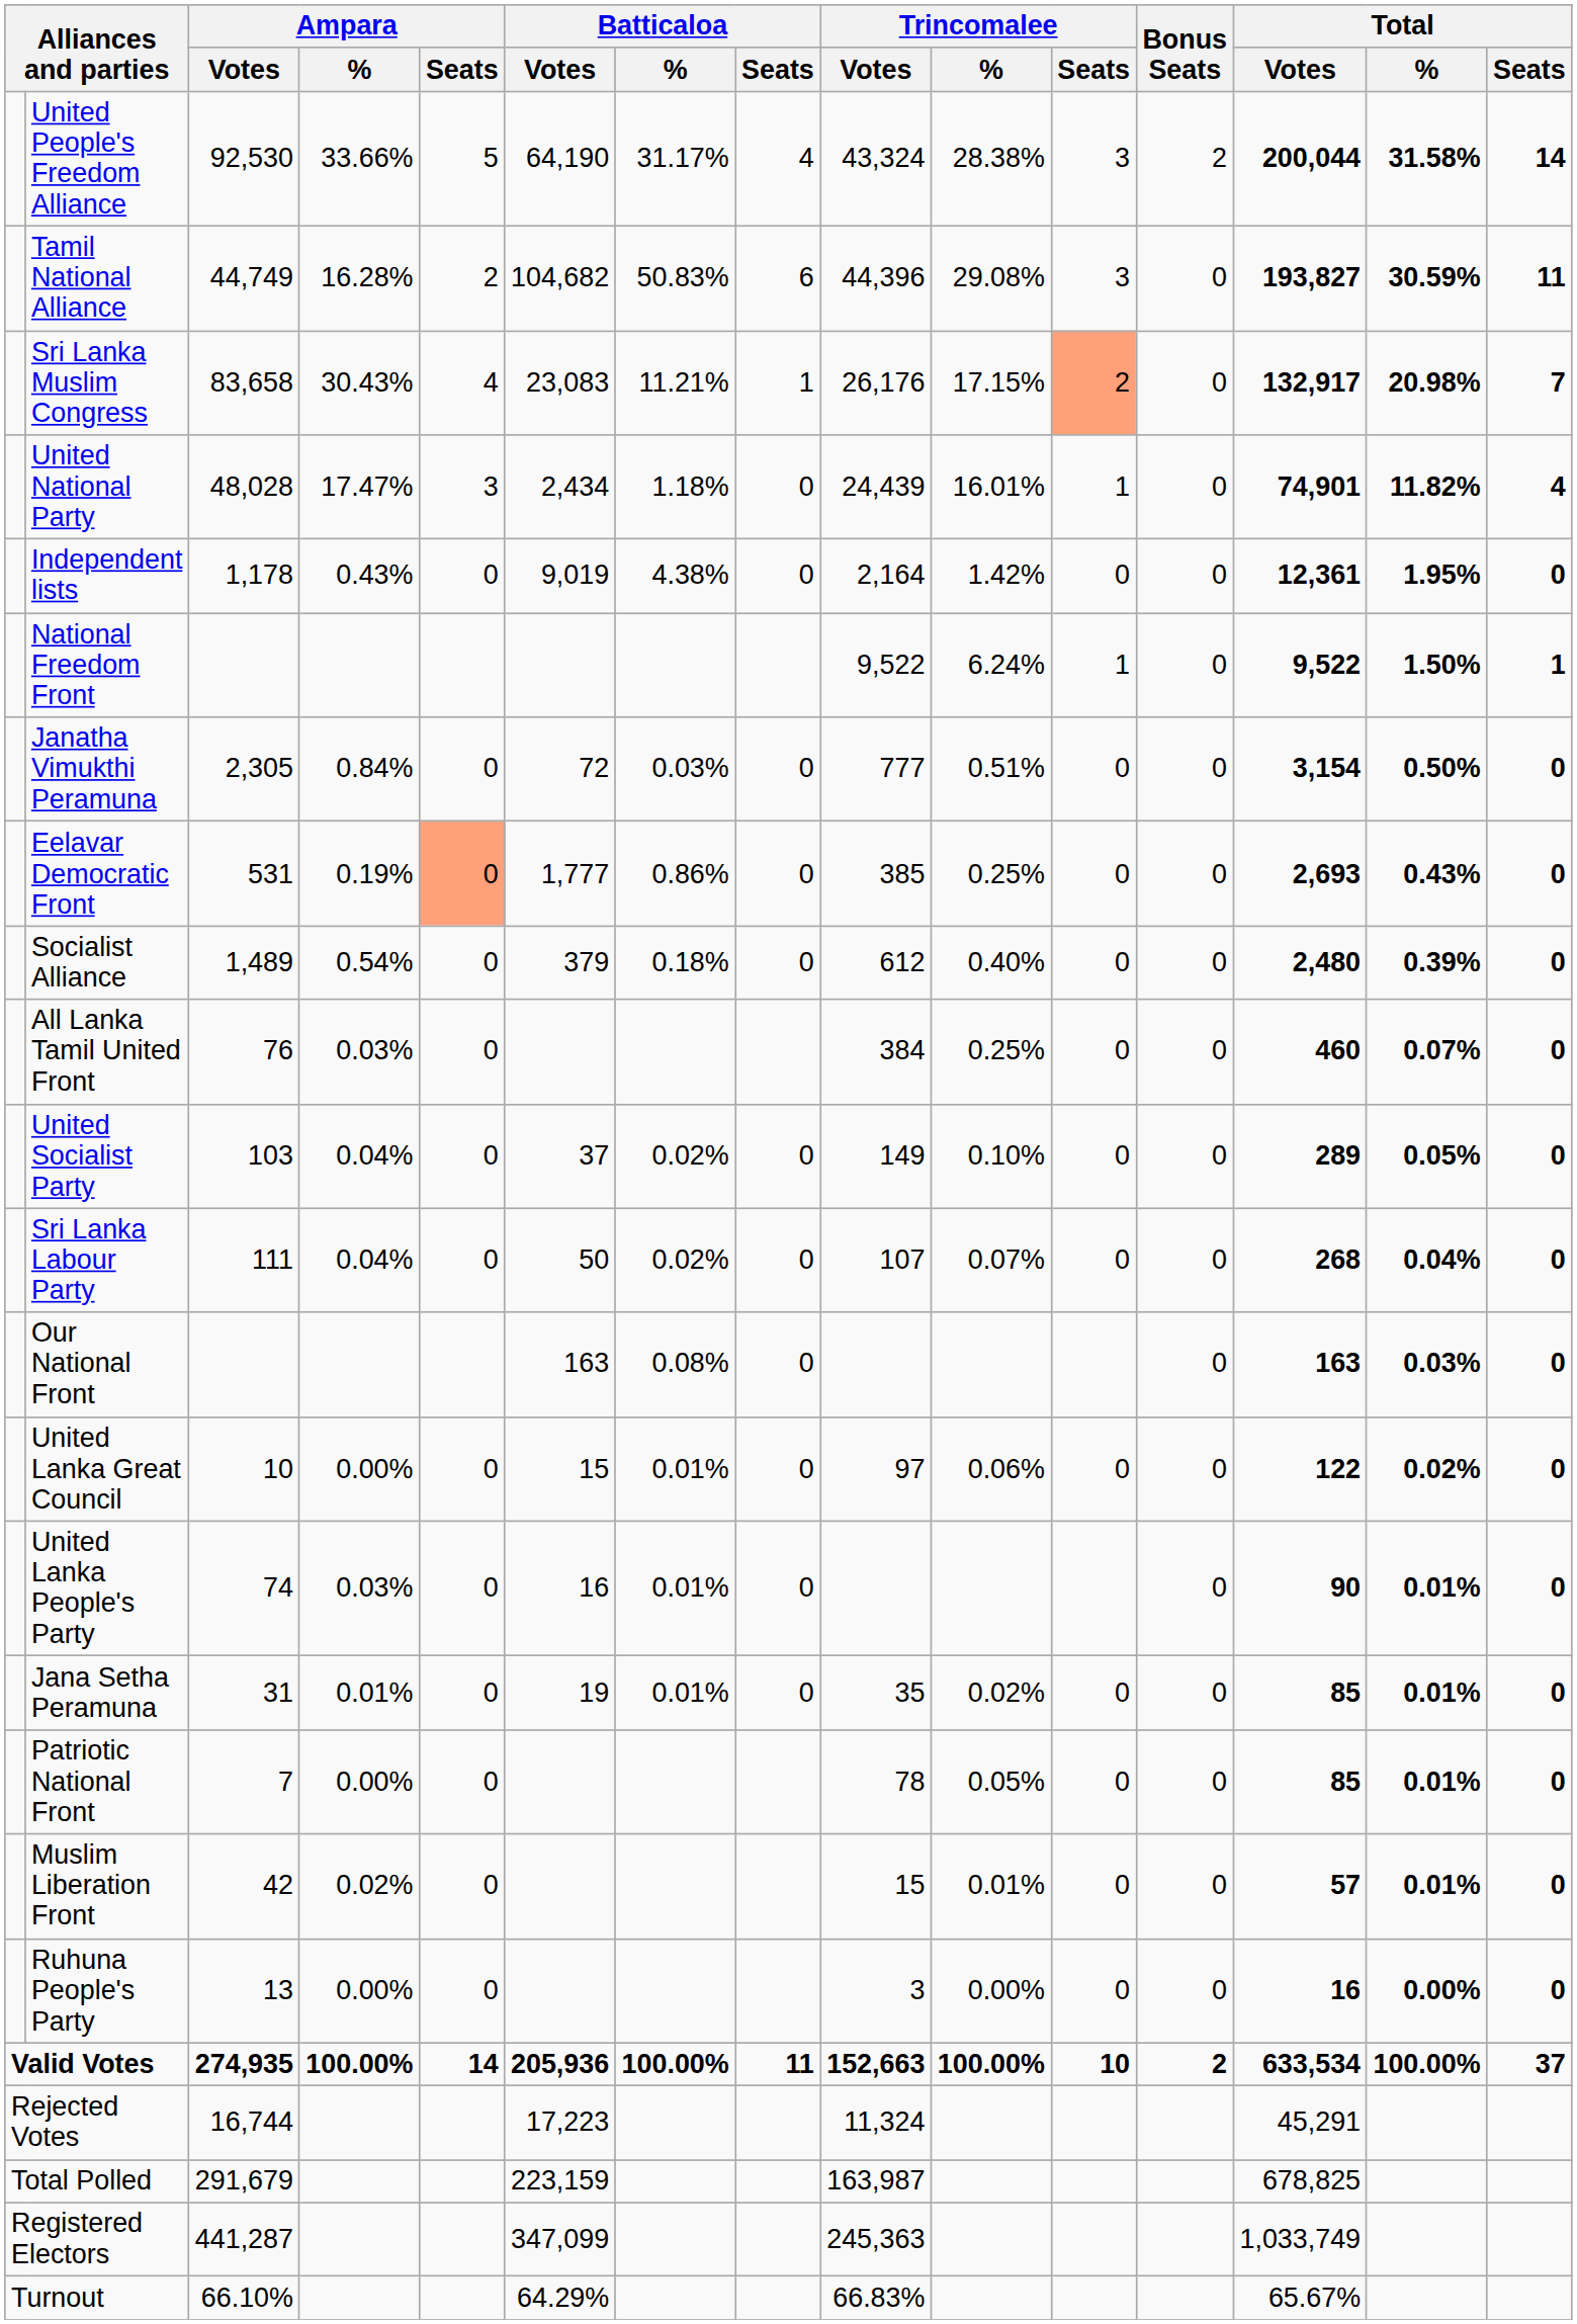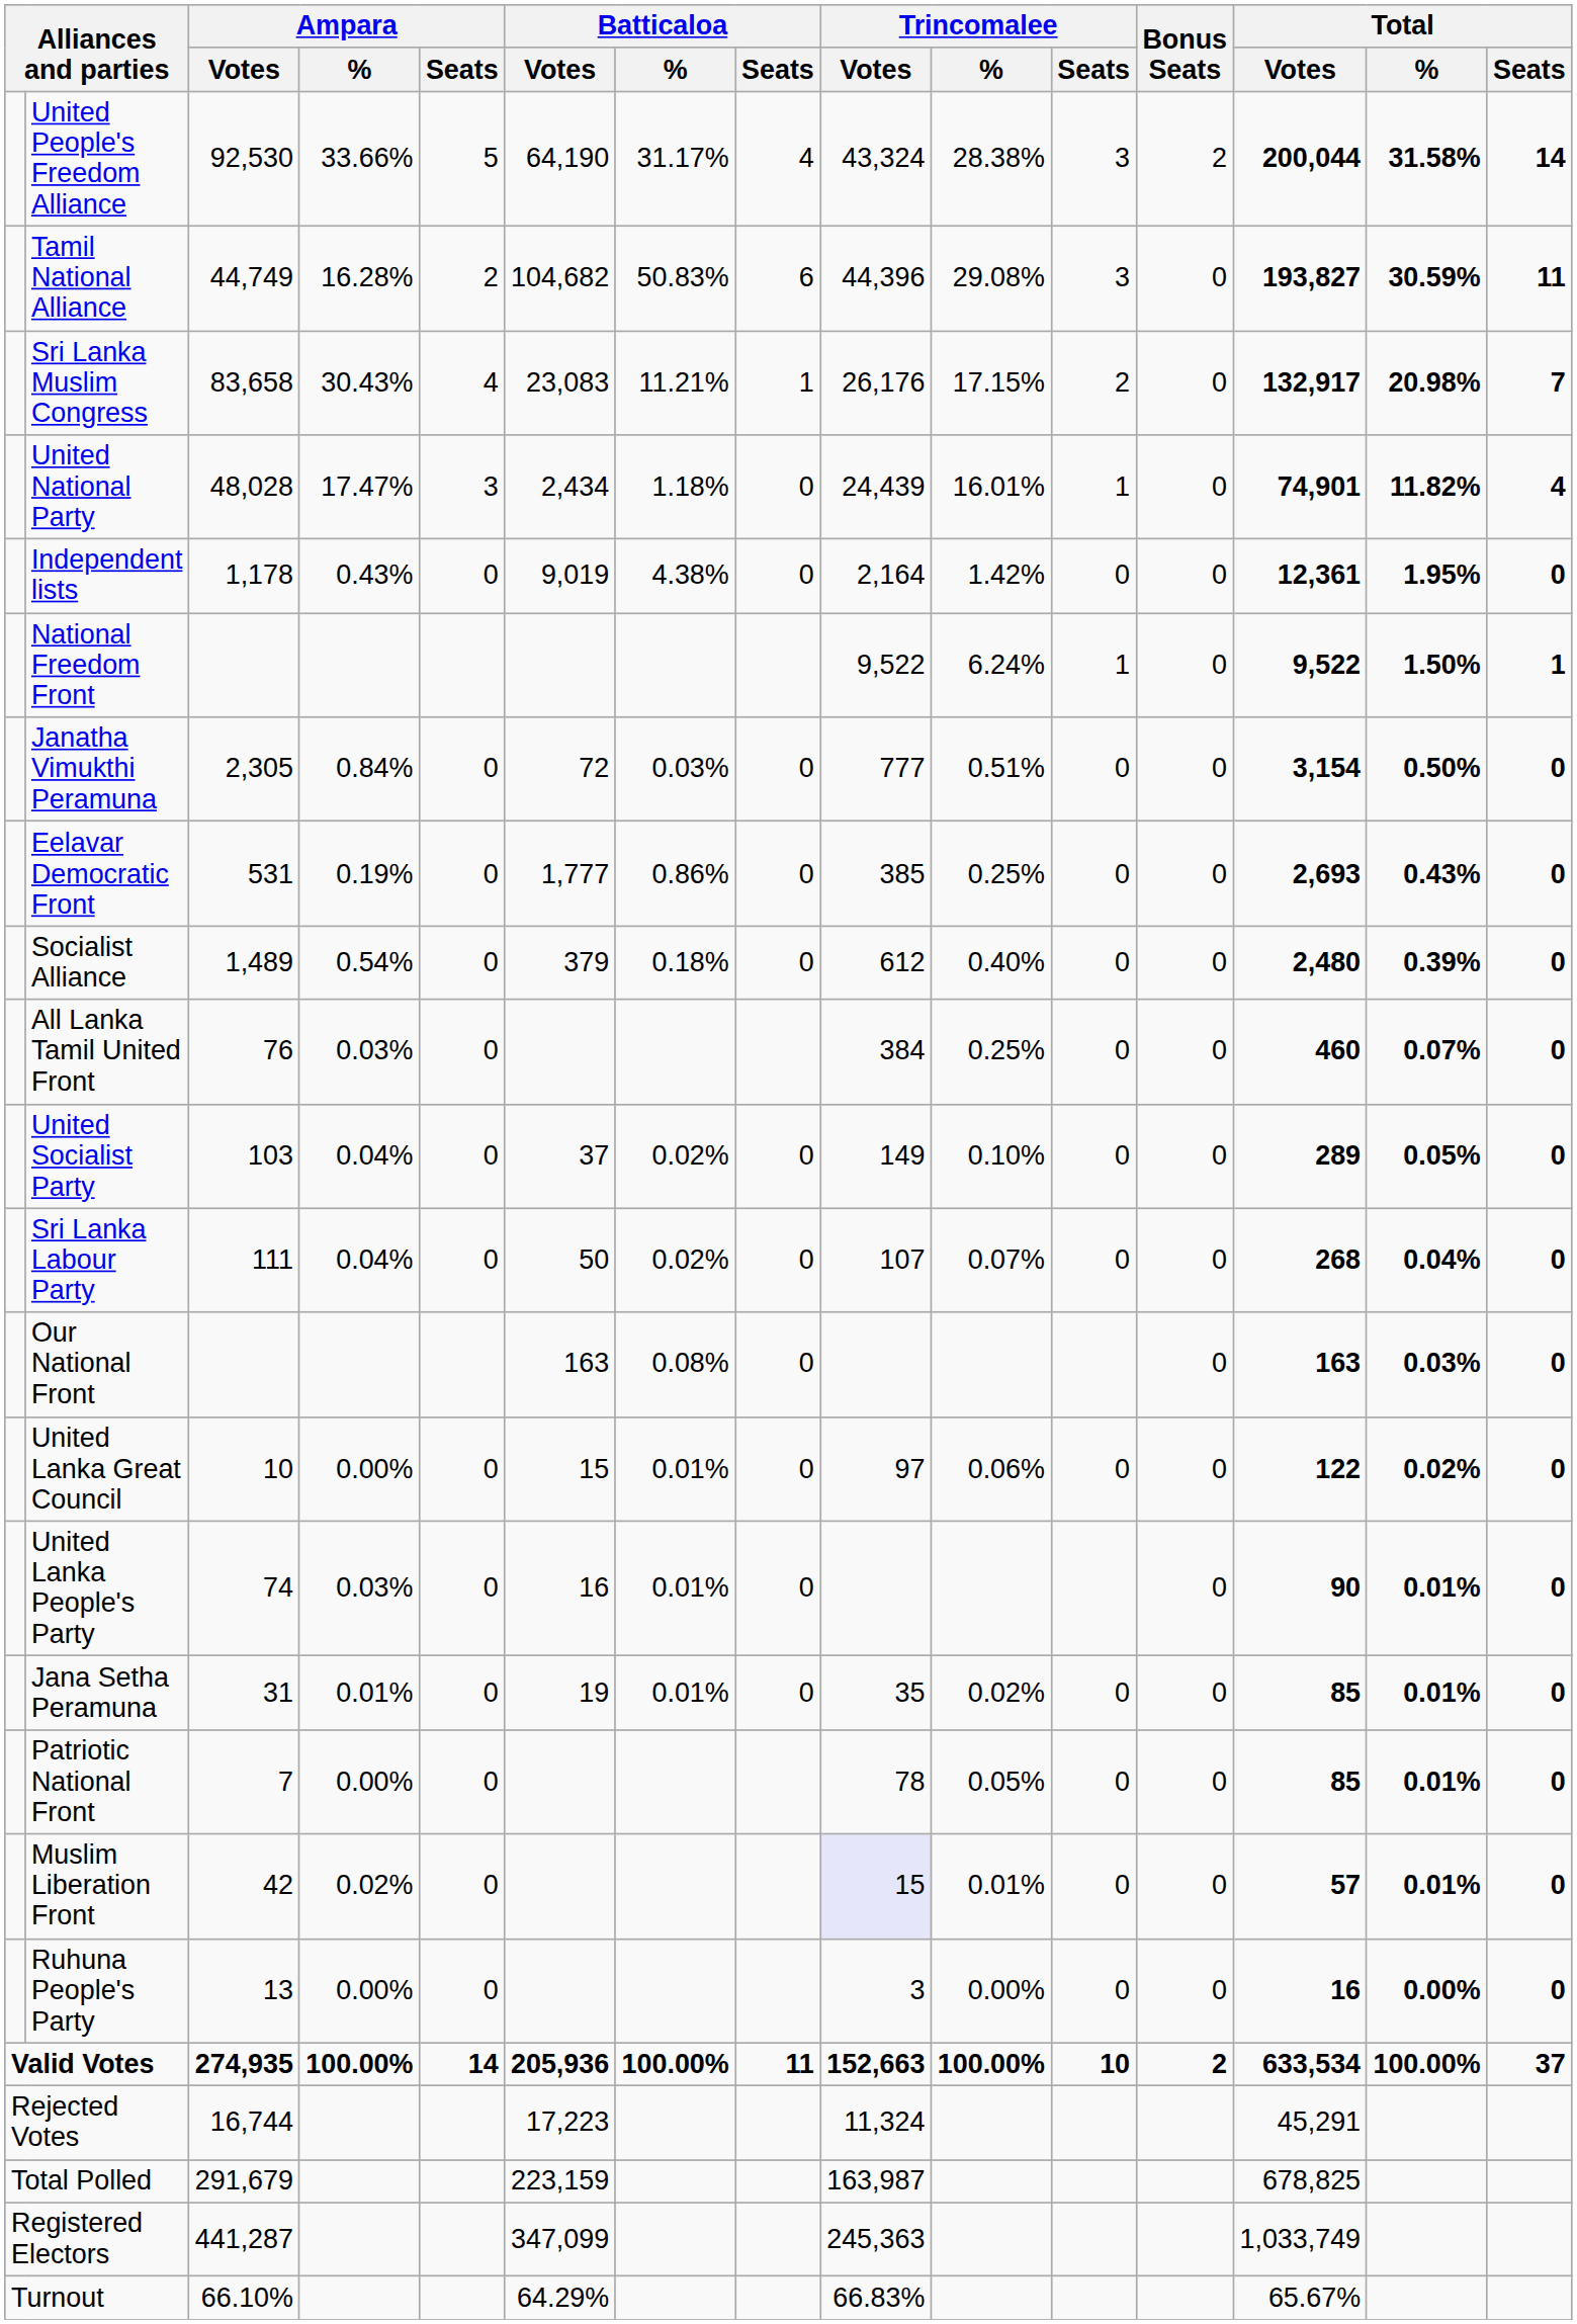 <table class="wikitable" border="1" style="text-align:right;">
 <tr>
 <th valign=bottom rowspan=2 colspan=2 width="300">Alliances and parties</th>
 <th colspan=3><a href='#'>Ampara</a></th>
 <th colspan=3><a href='#'>Batticaloa</a></th>
 <th colspan=3><a href='#'>Trincomalee</a></th>
 <th valign=bottom rowspan=2 width="40">Bonus<br>Seats</th>
 <th colspan=3>Total</th>
 </tr>
 <tr>
 <th align=center valign=bottom width="50">Votes</th>
 <th align=center valign=bottom width="50">%</th>
 <th align=center valign=bottom width="40">Seats</th>
 <th align=center valign=bottom width="50">Votes</th>
 <th align=center valign=bottom width="50">%</th>
 <th align=center valign=bottom width="40">Seats</th>
 <th align=center valign=bottom width="50">Votes</th>
 <th align=center valign=bottom width="50">%</th>
 <th align=center valign=bottom width="40">Seats</th>
 <th align=center valign=bottom width="50">Votes</th>
 <th align=center valign=bottom width="50">%</th>
 <th align=center valign=bottom width="40">Seats</th>
 </tr>
 <tr>
 <td bgcolor=> </td>
 <td align=left><a href='#'>United People's Freedom Alliance</a></td>
 <td>92,530</td>
 <td>33.66%</td>
 <td>5</td>
 <td>64,190</td>
 <td>31.17%</td>
 <td>4</td>
 <td>43,324</td>
 <td>28.38%</td>
 <td>3</td>
 <td>2</td>
 <td><strong>200,044</strong></td>
 <td><strong>31.58%</strong></td>
 <td><strong>14</strong></td>
 </tr>
 <tr>
 <td bgcolor=> </td>
 <td align=left><a href='#'>Tamil National Alliance</a></td>
 <td>44,749</td>
 <td>16.28%</td>
 <td>2</td>
 <td>104,682</td>
 <td>50.83%</td>
 <td>6</td>
 <td>44,396</td>
 <td>29.08%</td>
 <td>3</td>
 <td>0</td>
 <td><strong>193,827</strong></td>
 <td><strong>30.59%</strong></td>
 <td><strong>11</strong></td>
 </tr>
 <tr>
 <td bgcolor=> </td>
 <td align=left><a href='#'>Sri Lanka Muslim Congress</a></td>
 <td>83,658</td>
 <td>30.43%</td>
 <td>4</td>
 <td>23,083</td>
 <td>11.21%</td>
 <td>1</td>
 <td>26,176</td>
 <td>17.15%</td>
-<td style="background: lightsalmon;">2</td>
+<td>2</td>
 <td>0</td>
 <td><strong>132,917</strong></td>
 <td><strong>20.98%</strong></td>
 <td><strong>7</strong></td>
 </tr>
 <tr>
 <td bgcolor=> </td>
 <td align=left><a href='#'>United National Party</a></td>
 <td>48,028</td>
 <td>17.47%</td>
 <td>3</td>
 <td>2,434</td>
 <td>1.18%</td>
 <td>0</td>
 <td>24,439</td>
 <td>16.01%</td>
 <td>1</td>
 <td>0</td>
 <td><strong>74,901</strong></td>
 <td><strong>11.82%</strong></td>
 <td><strong>4</strong></td>
 </tr>
 <tr>
 <td></td>
 <td align=left><a href='#'>Independent lists</a></td>
 <td>1,178</td>
 <td>0.43%</td>
 <td>0</td>
 <td>9,019</td>
 <td>4.38%</td>
 <td>0</td>
 <td>2,164</td>
 <td>1.42%</td>
 <td>0</td>
 <td>0</td>
 <td><strong>12,361</strong></td>
 <td><strong>1.95%</strong></td>
 <td><strong>0</strong></td>
 </tr>
 <tr>
 <td></td>
 <td align=left><a href='#'>National Freedom Front</a></td>
 <td></td>
 <td></td>
 <td></td>
 <td></td>
 <td></td>
 <td></td>
 <td>9,522</td>
 <td>6.24%</td>
 <td>1</td>
 <td>0</td>
 <td><strong>9,522</strong></td>
 <td><strong>1.50%</strong></td>
 <td><strong>1</strong></td>
 </tr>
 <tr>
 <td bgcolor=> </td>
 <td align=left><a href='#'>Janatha Vimukthi Peramuna</a></td>
 <td>2,305</td>
 <td>0.84%</td>
 <td>0</td>
 <td>72</td>
 <td>0.03%</td>
 <td>0</td>
 <td>777</td>
 <td>0.51%</td>
 <td>0</td>
 <td>0</td>
 <td><strong>3,154</strong></td>
 <td><strong>0.50%</strong></td>
 <td><strong>0</strong></td>
 </tr>
 <tr>
 <td bgcolor=> </td>
 <td align=left><a href='#'>Eelavar Democratic Front</a></td>
 <td>531</td>
 <td>0.19%</td>
-<td style="background: lightsalmon;">0</td>
+<td>0</td>
 <td>1,777</td>
 <td>0.86%</td>
 <td>0</td>
 <td>385</td>
 <td>0.25%</td>
 <td>0</td>
 <td>0</td>
 <td><strong>2,693</strong></td>
 <td><strong>0.43%</strong></td>
 <td><strong>0</strong></td>
 </tr>
 <tr>
 <td></td>
 <td align=left>Socialist Alliance</td>
 <td>1,489</td>
 <td>0.54%</td>
 <td>0</td>
 <td>379</td>
 <td>0.18%</td>
 <td>0</td>
 <td>612</td>
 <td>0.40%</td>
 <td>0</td>
 <td>0</td>
 <td><strong>2,480</strong></td>
 <td><strong>0.39%</strong></td>
 <td><strong>0</strong></td>
 </tr>
 <tr>
 <td></td>
 <td align=left>All Lanka Tamil United Front</td>
 <td>76</td>
 <td>0.03%</td>
 <td>0</td>
 <td></td>
 <td></td>
 <td></td>
 <td>384</td>
 <td>0.25%</td>
 <td>0</td>
 <td>0</td>
 <td><strong>460</strong></td>
 <td><strong>0.07%</strong></td>
 <td><strong>0</strong></td>
 </tr>
 <tr>
 <td></td>
 <td align=left><a href='#'>United Socialist Party</a></td>
 <td>103</td>
 <td>0.04%</td>
 <td>0</td>
 <td>37</td>
 <td>0.02%</td>
 <td>0</td>
 <td>149</td>
 <td>0.10%</td>
 <td>0</td>
 <td>0</td>
 <td><strong>289</strong></td>
 <td><strong>0.05%</strong></td>
 <td><strong>0</strong></td>
 </tr>
 <tr>
 <td></td>
 <td align=left><a href='#'>Sri Lanka Labour Party</a></td>
 <td>111</td>
 <td>0.04%</td>
 <td>0</td>
 <td>50</td>
 <td>0.02%</td>
 <td>0</td>
 <td>107</td>
 <td>0.07%</td>
 <td>0</td>
 <td>0</td>
 <td><strong>268</strong></td>
 <td><strong>0.04%</strong></td>
 <td><strong>0</strong></td>
 </tr>
 <tr>
 <td></td>
 <td align=left>Our National Front</td>
 <td></td>
 <td></td>
 <td></td>
 <td>163</td>
 <td>0.08%</td>
 <td>0</td>
 <td></td>
 <td></td>
 <td></td>
 <td>0</td>
 <td><strong>163</strong></td>
 <td><strong>0.03%</strong></td>
 <td><strong>0</strong></td>
 </tr>
 <tr>
 <td></td>
 <td align=left>United Lanka Great Council</td>
 <td>10</td>
 <td>0.00%</td>
 <td>0</td>
 <td>15</td>
 <td>0.01%</td>
 <td>0</td>
 <td>97</td>
 <td>0.06%</td>
 <td>0</td>
 <td>0</td>
 <td><strong>122</strong></td>
 <td><strong>0.02%</strong></td>
 <td><strong>0</strong></td>
 </tr>
 <tr>
 <td></td>
 <td align=left>United Lanka People's Party</td>
 <td>74</td>
 <td>0.03%</td>
 <td>0</td>
 <td>16</td>
 <td>0.01%</td>
 <td>0</td>
 <td></td>
 <td></td>
 <td></td>
 <td>0</td>
 <td><strong>90</strong></td>
 <td><strong>0.01%</strong></td>
 <td><strong>0</strong></td>
 </tr>
 <tr>
 <td></td>
 <td align=left>Jana Setha Peramuna</td>
 <td>31</td>
 <td>0.01%</td>
 <td>0</td>
 <td>19</td>
 <td>0.01%</td>
 <td>0</td>
 <td>35</td>
 <td>0.02%</td>
 <td>0</td>
 <td>0</td>
 <td><strong>85</strong></td>
 <td><strong>0.01%</strong></td>
 <td><strong>0</strong></td>
 </tr>
 <tr>
 <td></td>
 <td align=left>Patriotic National Front</td>
 <td>7</td>
 <td>0.00%</td>
 <td>0</td>
 <td></td>
 <td></td>
 <td></td>
 <td>78</td>
 <td>0.05%</td>
 <td>0</td>
 <td>0</td>
 <td><strong>85</strong></td>
 <td><strong>0.01%</strong></td>
 <td><strong>0</strong></td>
 </tr>
 <tr>
 <td></td>
 <td align=left>Muslim Liberation Front</td>
 <td>42</td>
 <td>0.02%</td>
 <td>0</td>
 <td></td>
 <td></td>
 <td></td>
-<td>15</td>
+<td style="background: lavender;">15</td>
 <td>0.01%</td>
 <td>0</td>
 <td>0</td>
 <td><strong>57</strong></td>
 <td><strong>0.01%</strong></td>
 <td><strong>0</strong></td>
 </tr>
 <tr>
 <td></td>
 <td align=left>Ruhuna People's Party</td>
 <td>13</td>
 <td>0.00%</td>
 <td>0</td>
 <td></td>
 <td></td>
 <td></td>
 <td>3</td>
 <td>0.00%</td>
 <td>0</td>
 <td>0</td>
 <td><strong>16</strong></td>
 <td><strong>0.00%</strong></td>
 <td><strong>0</strong></td>
 </tr>
 <tr>
 <td colspan=2 align=left><strong>Valid Votes</strong></td>
 <td><strong>274,935</strong></td>
 <td><strong>100.00%</strong></td>
 <td><strong>14</strong></td>
 <td><strong>205,936</strong></td>
 <td><strong>100.00%</strong></td>
 <td><strong>11</strong></td>
 <td><strong>152,663</strong></td>
 <td><strong>100.00%</strong></td>
 <td><strong>10</strong></td>
 <td><strong>2</strong></td>
 <td><strong>633,534</strong></td>
 <td><strong>100.00%</strong></td>
 <td><strong>37</strong></td>
 </tr>
 <tr>
 <td colspan=2 align=left>Rejected Votes</td>
 <td>16,744</td>
 <td></td>
 <td></td>
 <td>17,223</td>
 <td></td>
 <td></td>
 <td>11,324</td>
 <td></td>
 <td></td>
 <td></td>
 <td>45,291</td>
 <td></td>
 <td></td>
 </tr>
 <tr>
 <td colspan=2 align=left>Total Polled</td>
 <td>291,679</td>
 <td></td>
 <td></td>
 <td>223,159</td>
 <td></td>
 <td></td>
 <td>163,987</td>
 <td></td>
 <td></td>
 <td></td>
 <td>678,825</td>
 <td></td>
 <td></td>
 </tr>
 <tr>
 <td colspan=2 align=left>Registered Electors</td>
 <td>441,287</td>
 <td></td>
 <td></td>
 <td>347,099</td>
 <td></td>
 <td></td>
 <td>245,363</td>
 <td></td>
 <td></td>
 <td></td>
 <td>1,033,749</td>
 <td></td>
 <td></td>
 </tr>
 <tr>
 <td colspan=2 align=left>Turnout</td>
 <td>66.10%</td>
 <td></td>
 <td></td>
 <td>64.29%</td>
 <td></td>
 <td></td>
 <td>66.83%</td>
 <td></td>
 <td></td>
 <td></td>
 <td>65.67%</td>
 <td></td>
 <td></td>
 </tr>
 </table>
